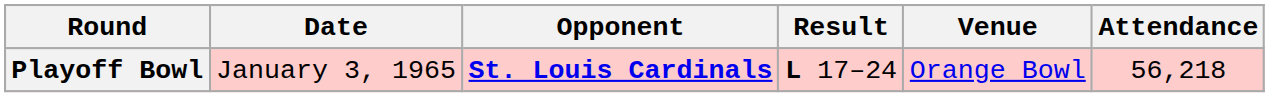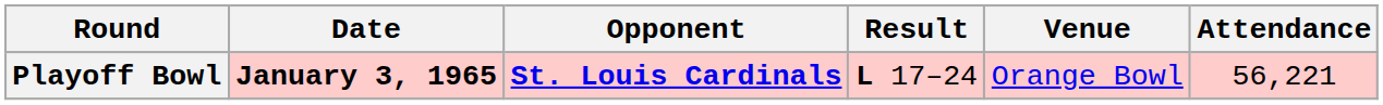 <table class="wikitable" style="text-align:center">
 <tr>
 <th>Round</th>
 <th>Date</th>
 <th>Opponent</th>
 <th>Result</th>
 <th>Venue</th>
 <th>Attendance</th>
 </tr>
 <tr style="background:#fcc">
 <th>Playoff Bowl</th>
-<td>January 3, 1965</td>
+<td><strong>January 3, 1965</strong></td>
 <td><strong><a href='#'>St. Louis Cardinals</a></strong></td>
 <td><strong>L</strong> 17–24</td>
 <td><a href='#'>Orange Bowl</a></td>
-<td>56,218</td>
+<td>56,221</td>
 </tr>
 </table>
